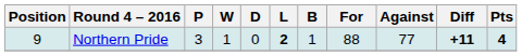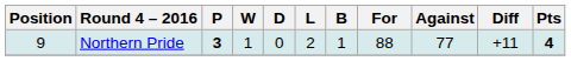 <table class="wikitable" style="text-align:center; font-size:85%;">
 <tr>
 <th width=40 abbr="Position">Position</th>
 <th width=100>Round 4 – 2016</th>
 <th width=20 abbr="Played">P</th>
 <th width=20 abbr="Won">W</th>
 <th width=20 abbr="Drawn">D</th>
 <th width=20 abbr="Lost">L</th>
 <th width=20 abbr="Bye">B</th>
 <th width=40 abbr="Points for">For</th>
 <th width=40 abbr="Points against">Against</th>
 <th width=40 abbr="Points difference">Diff</th>
 <th width=20 abbr="Points">Pts</th>
 </tr>
 <tr style="background: #d7ebed;">
 <td>9</td>
 <td style="text-align:left;"> <a href='#'>Northern Pride</a></td>
-<td>3</td>
+<td><strong>3</strong></td>
 <td>1</td>
 <td>0</td>
-<td><strong>2</strong></td>
+<td>2</td>
 <td>1</td>
 <td>88</td>
 <td>77</td>
-<td><strong>+11</strong></td>
+<td>+11</td>
 <td><strong>4</strong></td>
 </tr>
 <tr>
 </tr>
 </table>
